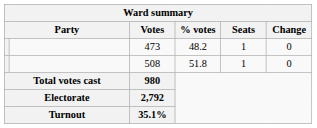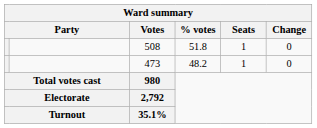 <table class="wikitable" style="font-size: 95%;">
 <tr style="background-color:#E9E9E9">
 <th colspan="6">Ward summary</th>
 </tr>
 <tr style="background-color:#E9E9E9">
 <th colspan="2">Party</th>
 <th style="width: 60px">Votes</th>
 <th style="width: 60px">% votes</th>
 <th style="width: 60px">Seats</th>
 <th style="width: 60px">Change</th>
 </tr>
 <tr>
 <th style="background-color: "></th>
 <td style="width: 170px"><a href='#'></a></td>
-<td align="center">473</td>
-<td align="center">48.2</td>
+<td align="center">508</td>
+<td align="center">51.8</td>
 <td align="center">1</td>
 <td align="center">0</td>
 </tr>
 <tr>
 <th style="background-color: "></th>
 <td style="width: 170px"><a href='#'></a></td>
-<td align="center">508</td>
-<td align="center">51.8</td>
+<td align="center">473</td>
+<td align="center">48.2</td>
 <td align="center">1</td>
 <td align="center">0</td>
 </tr>
 <tr style="background-color:#E9E9E9">
 <th colspan="2">Total votes cast</th>
 <th style="width: 60px">980</th>
 </tr>
 <tr style="background-color:#E9E9E9">
 <th colspan="2">Electorate</th>
 <th style="width: 60px">2,792</th>
 </tr>
 <tr style="background-color:#E9E9E9">
 <th colspan="2">Turnout</th>
 <th style="width: 60px">35.1%</th>
 </tr>
 </table>
